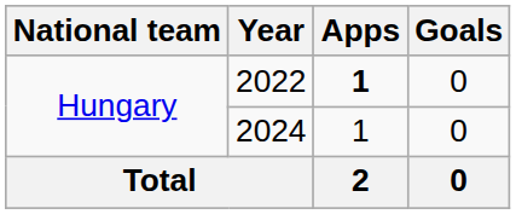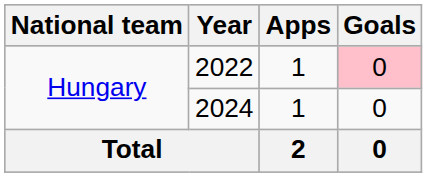 <table class="wikitable" style="text-align:center">
 <tr>
 <th>National team</th>
 <th>Year</th>
 <th>Apps</th>
 <th>Goals</th>
 </tr>
 <tr>
 <td rowspan="2"><a href='#'>Hungary</a></td>
 <td>2022</td>
-<td><strong>1</strong></td>
-<td>0</td>
+<td>1</td>
+<td style="background: pink;">0</td>
 </tr>
 <tr>
 <td>2024</td>
 <td>1</td>
 <td>0</td>
 </tr>
 <tr>
 <th colspan="2">Total</th>
 <th>2</th>
 <th>0</th>
 </tr>
 </table>
